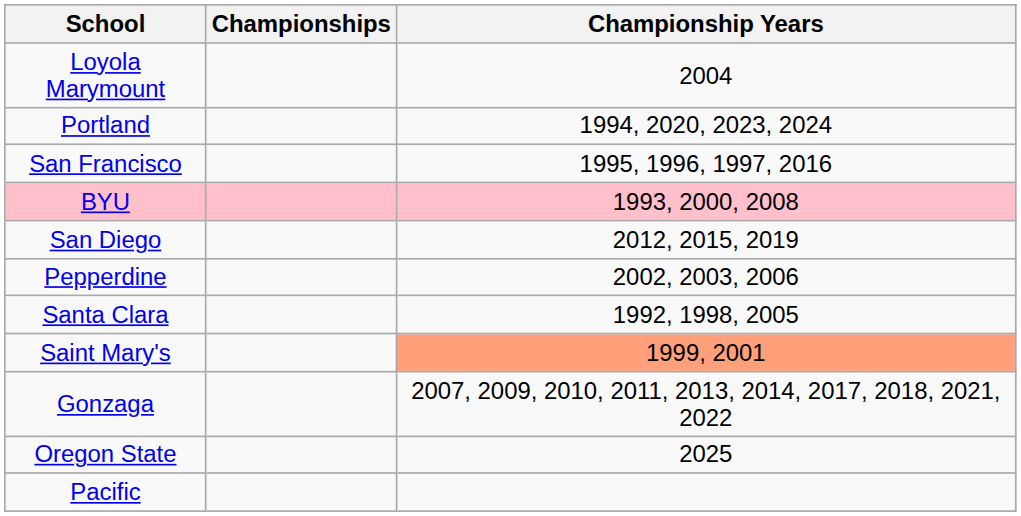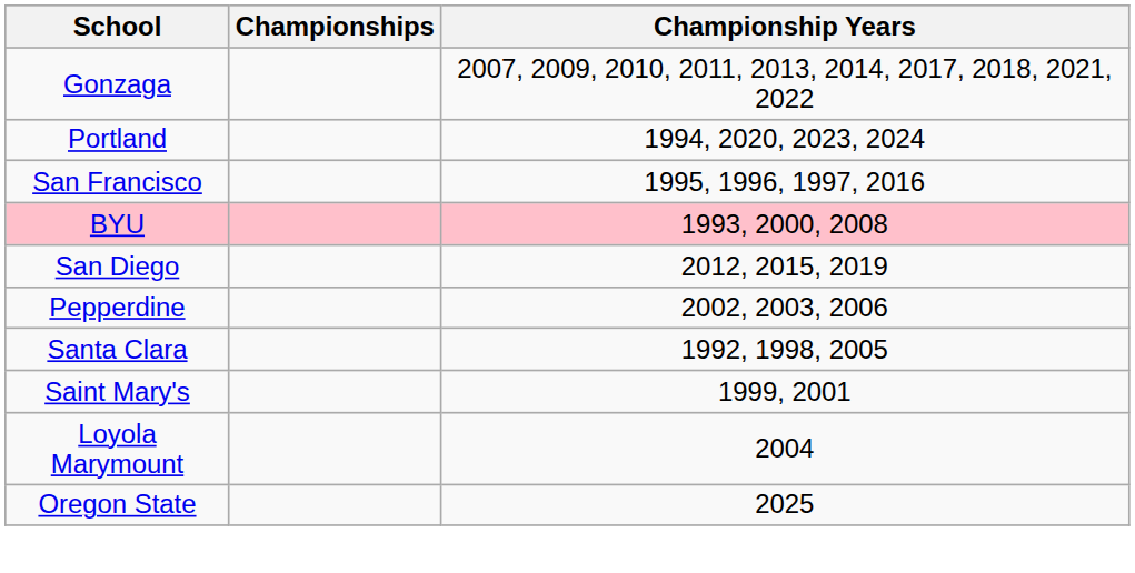 <table class="wikitable sortable" style="text-align:center;font-size:90%">
 <tr>
 <th width=px>School</th>
 <th width=px>Championships</th>
 <th width=px>Championship Years</th>
 </tr>
 <tr>
-<td><a href='#'>Loyola Marymount</a></td>
+<td><a href='#'>Gonzaga</a></td>
 <td></td>
-<td>2004</td>
+<td>2007, 2009, 2010, 2011, 2013, 2014, 2017, 2018, 2021, 2022</td>
 </tr>
 <tr>
 <td><a href='#'>Portland</a></td>
 <td></td>
 <td>1994, 2020, 2023, 2024</td>
 </tr>
 <tr>
 <td><a href='#'>San Francisco</a></td>
 <td></td>
 <td>1995, 1996, 1997, 2016</td>
 </tr>
 <tr bgcolor=pink>
 <td><a href='#'>BYU</a></td>
 <td></td>
 <td>1993, 2000, 2008</td>
 </tr>
 <tr>
 <td><a href='#'>San Diego</a></td>
 <td></td>
 <td>2012, 2015, 2019</td>
 </tr>
 <tr>
 <td><a href='#'>Pepperdine</a></td>
 <td></td>
 <td>2002, 2003, 2006</td>
 </tr>
 <tr>
 <td><a href='#'>Santa Clara</a></td>
 <td></td>
 <td>1992, 1998, 2005</td>
 </tr>
 <tr>
 <td><a href='#'>Saint Mary's</a></td>
 <td></td>
-<td style="background: lightsalmon;">1999, 2001</td>
+<td>1999, 2001</td>
 </tr>
 <tr>
-<td><a href='#'>Gonzaga</a></td>
+<td><a href='#'>Loyola Marymount</a></td>
 <td></td>
-<td>2007, 2009, 2010, 2011, 2013, 2014, 2017, 2018, 2021, 2022</td>
+<td>2004</td>
 </tr>
 <tr>
 <td><a href='#'>Oregon State</a></td>
 <td></td>
 <td>2025</td>
 </tr>
-<tr>
-<td><a href='#'>Pacific</a></td>
-<td></td>
-<td></td>
-</tr>
 </table>
